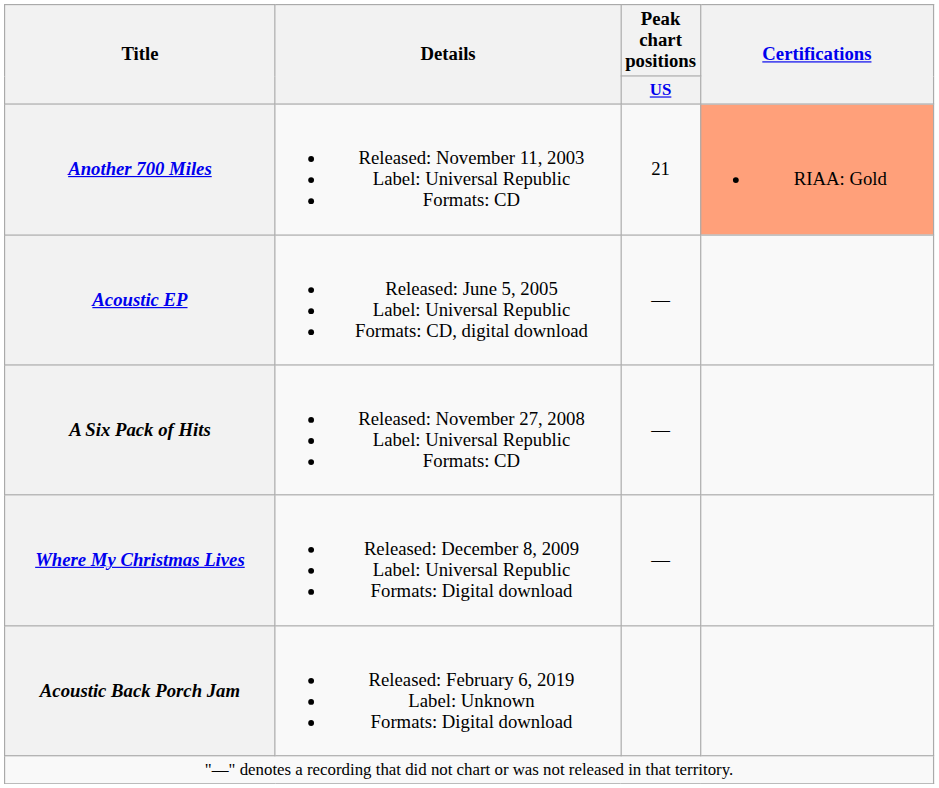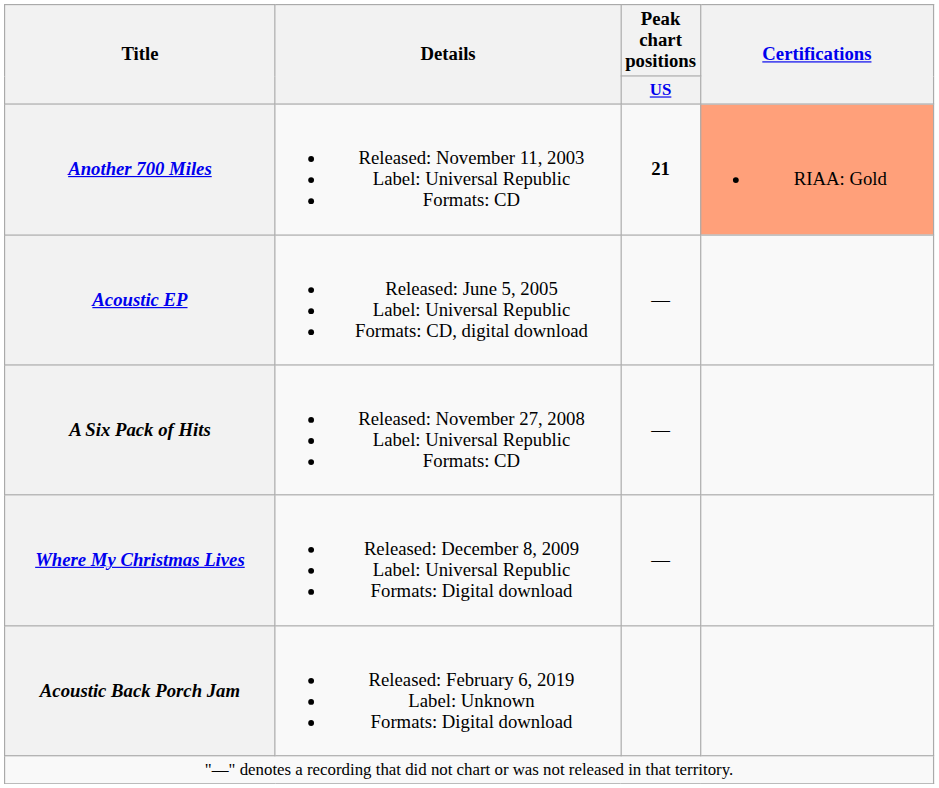 <table class="wikitable plainrowheaders" style="text-align:center;">
 <tr>
 <th scope="col" rowspan="2" style="width:14em;">Title</th>
 <th scope="col" rowspan="2" style="width:18em;">Details</th>
 <th scope="col">Peak chart positions</th>
 <th scope="col" rowspan="2" style="width:12em;"><a href='#'>Certifications</a></th>
 </tr>
 <tr>
 <th scope="col" style="width:2.5em;font-size:90%;"><a href='#'>US</a><br></th>
 </tr>
 <tr>
 <th scope="row"><em><a href='#'>Another 700 Miles</a></em></th>
 <td><br><ul><li>Released: November 11, 2003</li><li>Label: Universal Republic</li><li>Formats: CD</li></ul></td>
-<td>21</td>
+<td><strong>21</strong></td>
 <td style="background: lightsalmon;"><br><ul><li>RIAA: Gold</li></ul></td>
 </tr>
 <tr>
 <th scope="row"><em><a href='#'>Acoustic EP</a></em></th>
 <td><br><ul><li>Released: June 5, 2005</li><li>Label: Universal Republic</li><li>Formats: CD, digital download</li></ul></td>
 <td>—</td>
 <td></td>
 </tr>
 <tr>
 <th scope="row"><em>A Six Pack of Hits</em></th>
 <td><br><ul><li>Released: November 27, 2008</li><li>Label: Universal Republic</li><li>Formats: CD</li></ul></td>
 <td>—</td>
 <td></td>
 </tr>
 <tr>
 <th scope="row"><em><a href='#'>Where My Christmas Lives</a></em></th>
 <td><br><ul><li>Released: December 8, 2009</li><li>Label: Universal Republic</li><li>Formats: Digital download</li></ul></td>
 <td>—</td>
 <td></td>
 </tr>
 <tr>
 <th scope="row"><em>Acoustic Back Porch Jam</em></th>
 <td><br><ul><li>Released: February 6, 2019</li><li>Label: Unknown</li><li>Formats: Digital download</li></ul></td>
 <td></td>
 <td></td>
 </tr>
 <tr>
 <td colspan="6" style="font-size:90%">"—" denotes a recording that did not chart or was not released in that territory.</td>
 </tr>
 </table>
